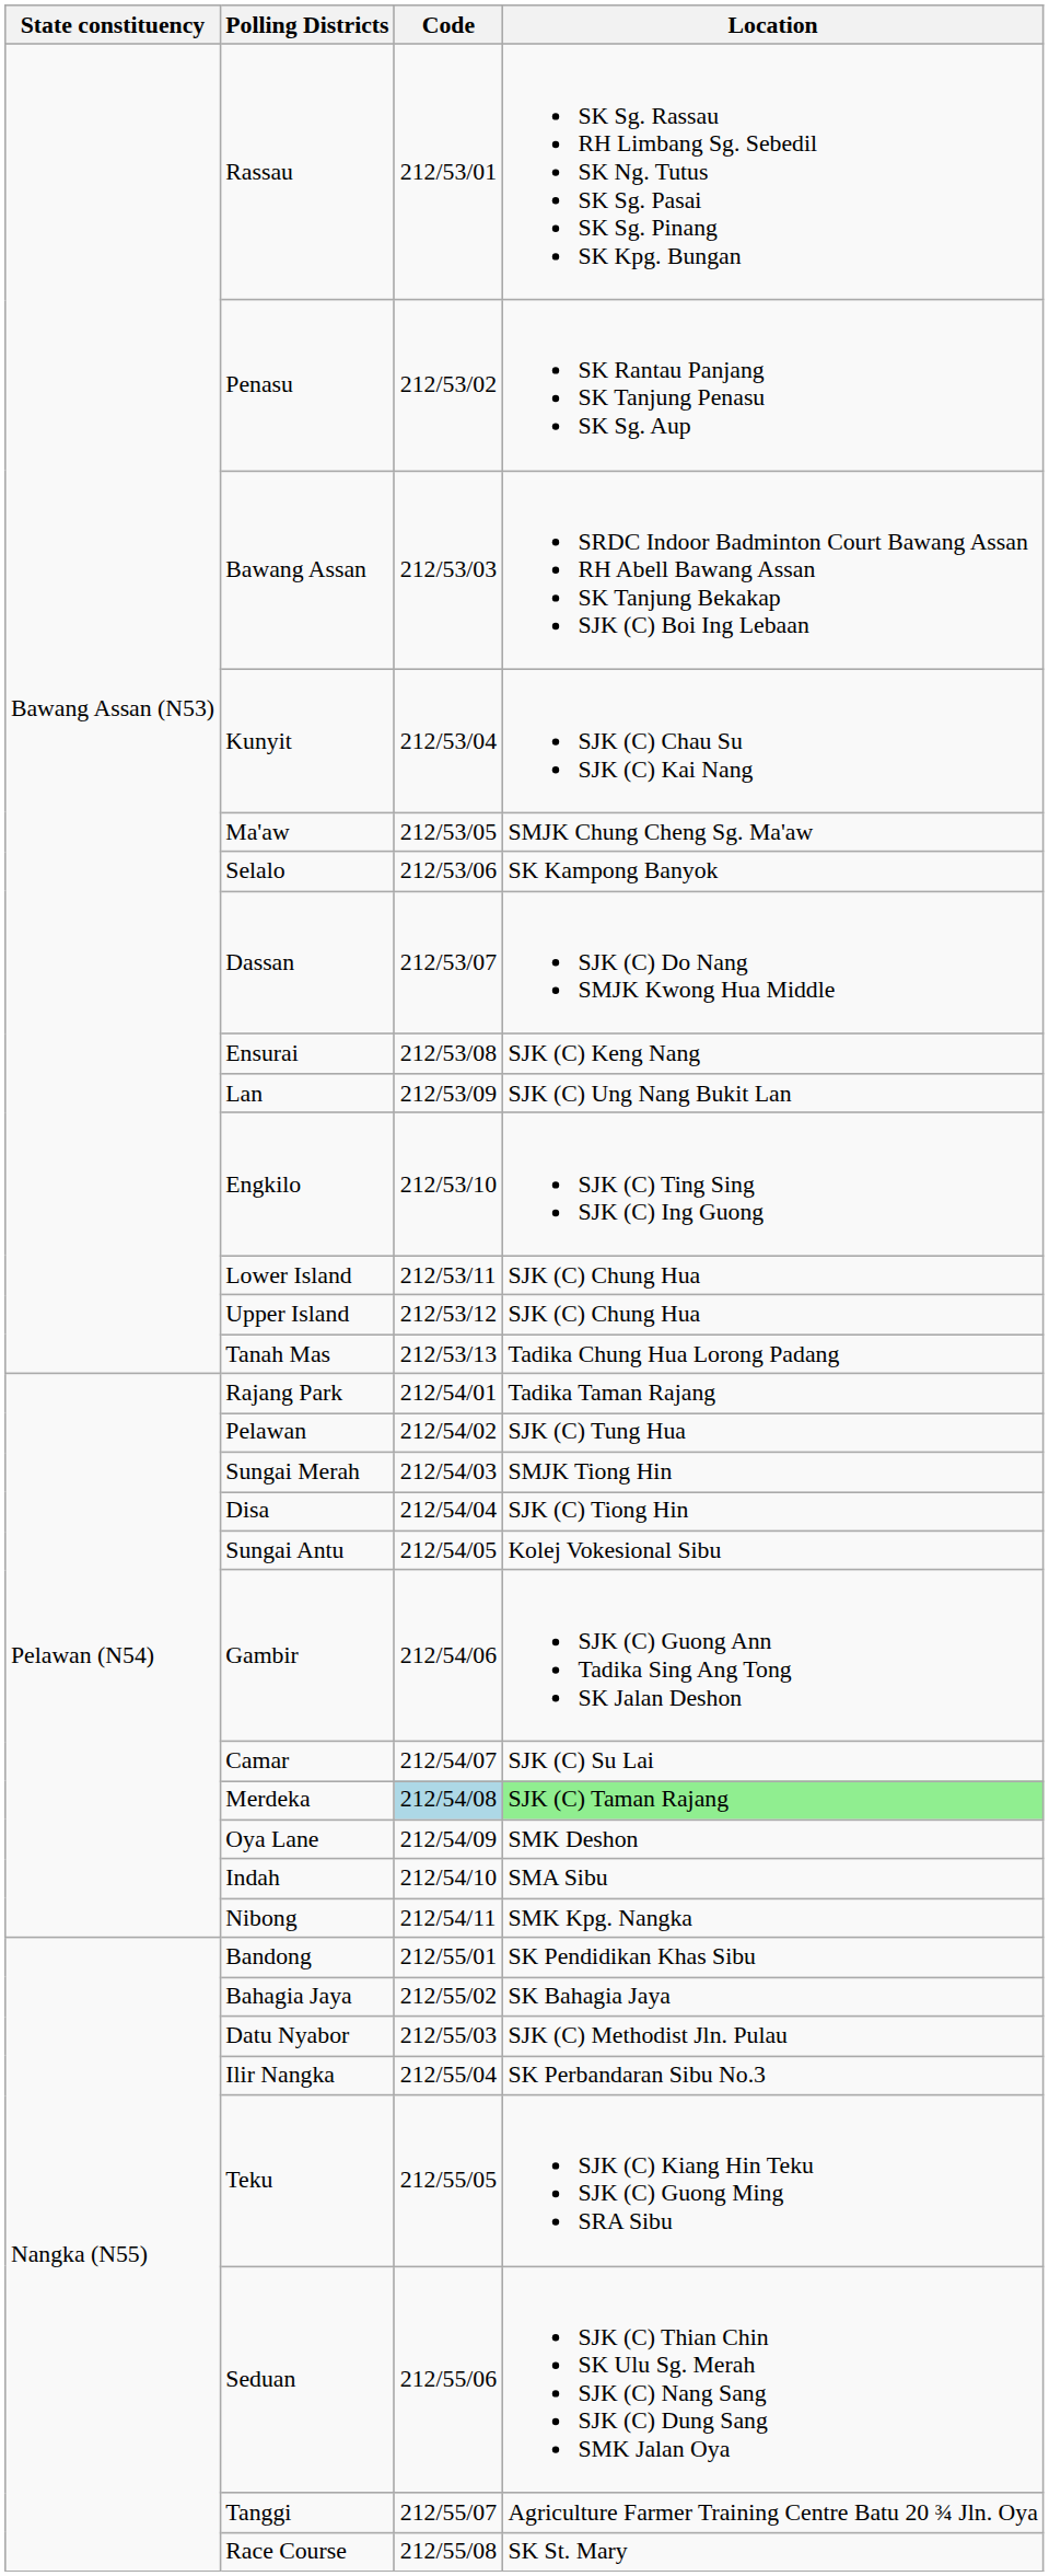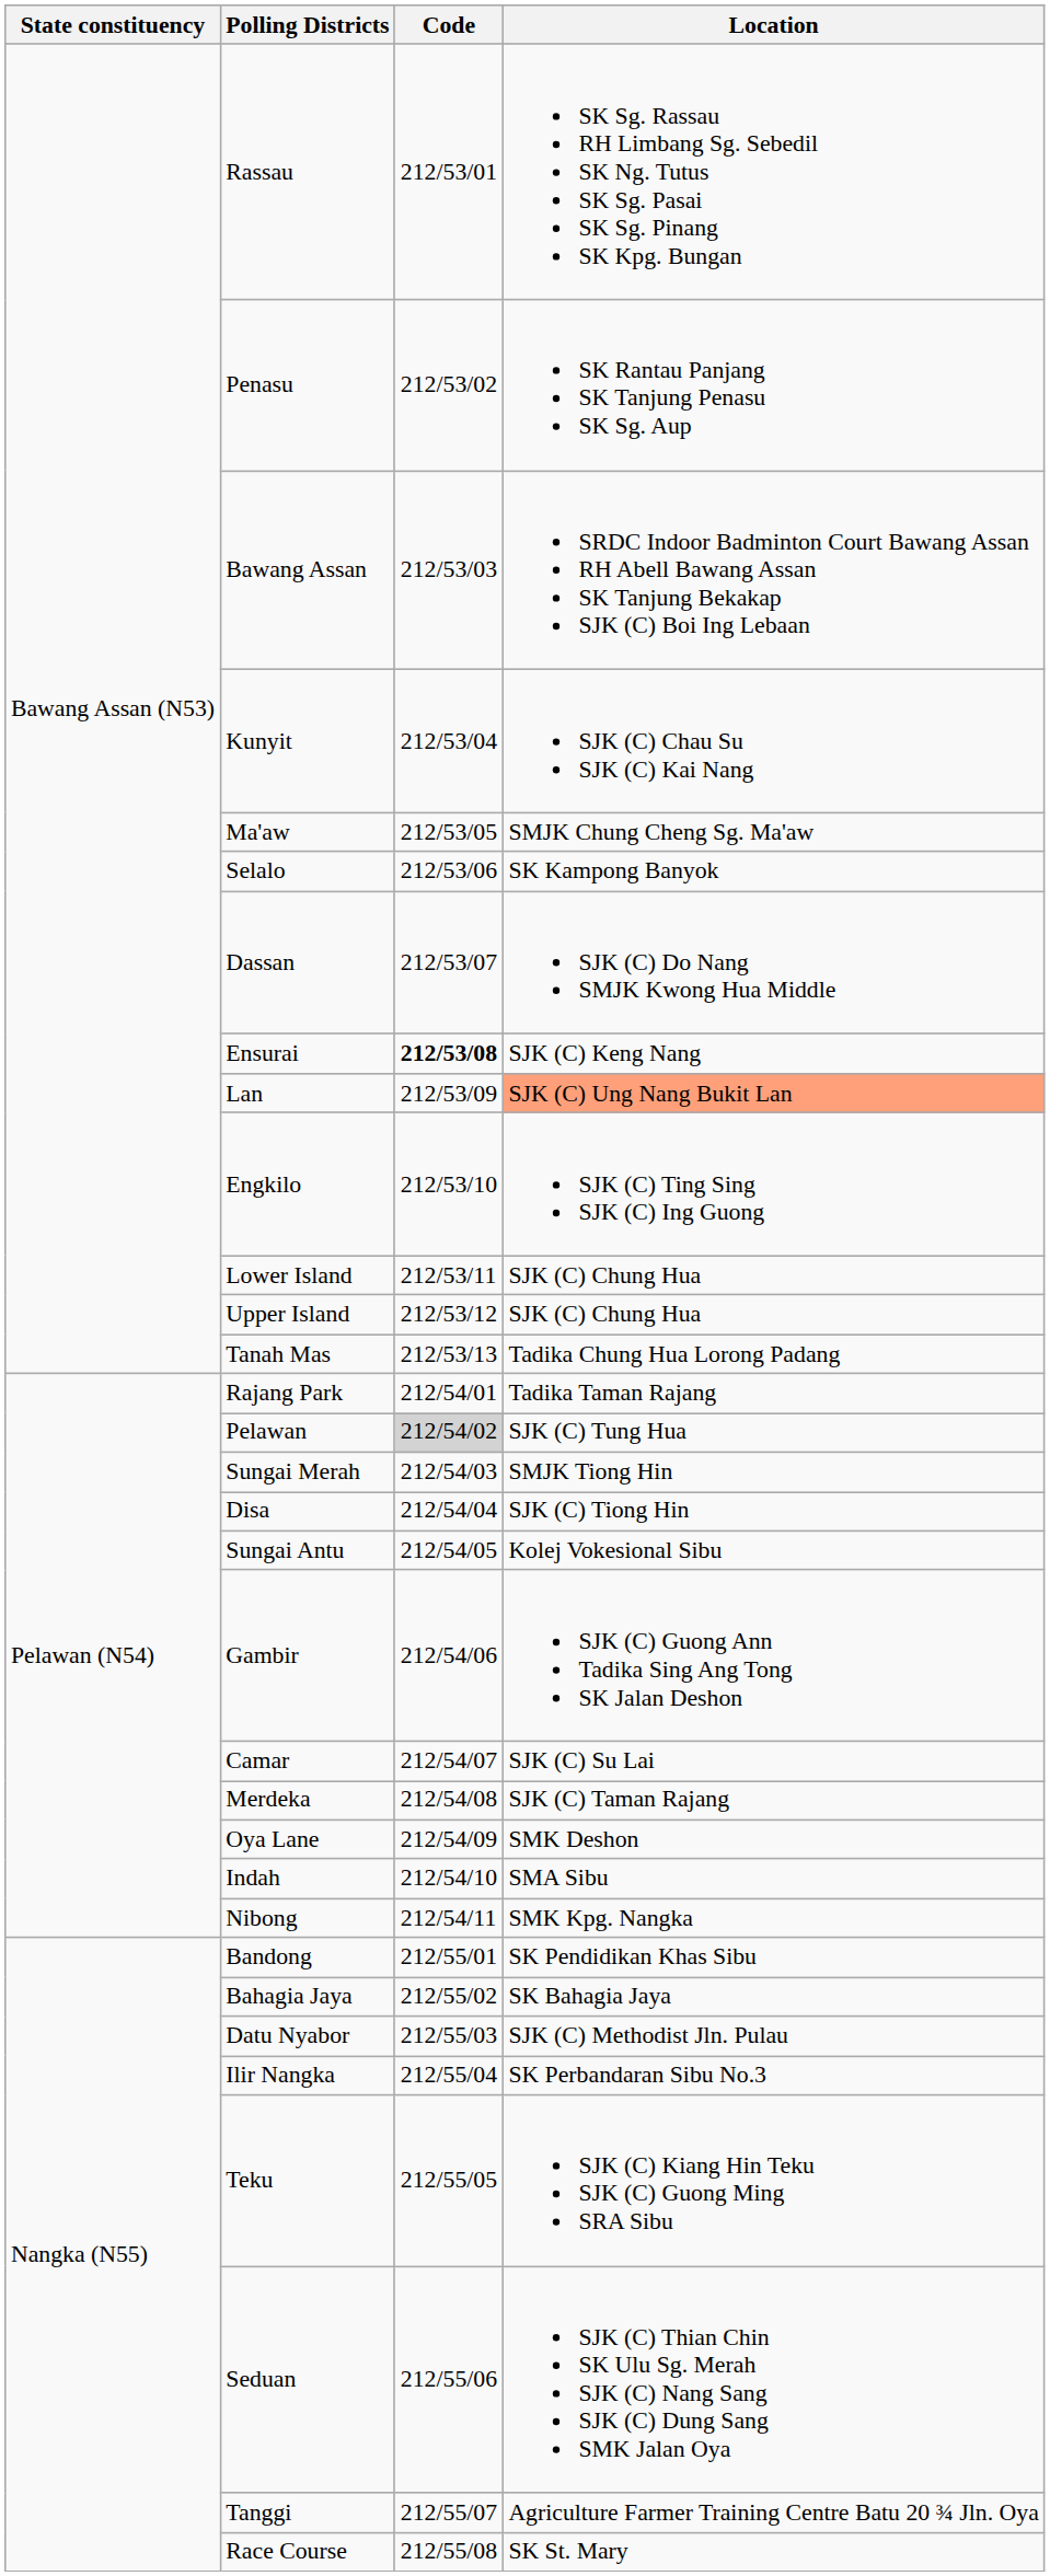 <table class="wikitable sortable mw-collapsible" style="white-space:nowrap;font-size:85%">
 <tr>
 <th>State constituency</th>
 <th>Polling Districts</th>
 <th>Code</th>
 <th>Location</th>
 </tr>
 <tr>
 <td rowspan="13">Bawang Assan (N53)</td>
 <td>Rassau</td>
 <td>212/53/01</td>
 <td><br><ul><li>SK Sg. Rassau</li><li>RH Limbang Sg. Sebedil</li><li>SK Ng. Tutus</li><li>SK Sg. Pasai</li><li>SK Sg. Pinang</li><li>SK Kpg. Bungan</li></ul></td>
 </tr>
 <tr>
 <td>Penasu</td>
 <td>212/53/02</td>
 <td><br><ul><li>SK Rantau Panjang</li><li>SK Tanjung Penasu</li><li>SK Sg. Aup</li></ul></td>
 </tr>
 <tr>
 <td>Bawang Assan</td>
 <td>212/53/03</td>
 <td><br><ul><li>SRDC Indoor Badminton Court Bawang Assan</li><li>RH Abell Bawang Assan</li><li>SK Tanjung Bekakap</li><li>SJK (C) Boi Ing Lebaan</li></ul></td>
 </tr>
 <tr>
 <td>Kunyit</td>
 <td>212/53/04</td>
 <td><br><ul><li>SJK (C) Chau Su</li><li>SJK (C) Kai Nang</li></ul></td>
 </tr>
 <tr>
 <td>Ma'aw</td>
 <td>212/53/05</td>
 <td>SMJK Chung Cheng Sg. Ma'aw</td>
 </tr>
 <tr>
 <td>Selalo</td>
 <td>212/53/06</td>
 <td>SK Kampong Banyok</td>
 </tr>
 <tr>
 <td>Dassan</td>
 <td>212/53/07</td>
 <td><br><ul><li>SJK (C) Do Nang</li><li>SMJK Kwong Hua Middle</li></ul></td>
 </tr>
 <tr>
 <td>Ensurai</td>
-<td>212/53/08</td>
+<td><strong>212/53/08</strong></td>
 <td>SJK (C) Keng Nang</td>
 </tr>
 <tr>
 <td>Lan</td>
 <td>212/53/09</td>
-<td>SJK (C) Ung Nang Bukit Lan</td>
+<td style="background: lightsalmon;">SJK (C) Ung Nang Bukit Lan</td>
 </tr>
 <tr>
 <td>Engkilo</td>
 <td>212/53/10</td>
 <td><br><ul><li>SJK (C) Ting Sing</li><li>SJK (C) Ing Guong</li></ul></td>
 </tr>
 <tr>
 <td>Lower Island</td>
 <td>212/53/11</td>
 <td>SJK (C) Chung Hua</td>
 </tr>
 <tr>
 <td>Upper Island</td>
 <td>212/53/12</td>
 <td>SJK (C) Chung Hua</td>
 </tr>
 <tr>
 <td>Tanah Mas</td>
 <td>212/53/13</td>
 <td>Tadika Chung Hua Lorong Padang</td>
 </tr>
 <tr>
 <td rowspan="11">Pelawan (N54)</td>
 <td>Rajang Park</td>
 <td>212/54/01</td>
 <td>Tadika Taman Rajang</td>
 </tr>
 <tr>
 <td>Pelawan</td>
-<td>212/54/02</td>
+<td style="background: lightgrey;">212/54/02</td>
 <td>SJK (C) Tung Hua</td>
 </tr>
 <tr>
 <td>Sungai Merah</td>
 <td>212/54/03</td>
 <td>SMJK Tiong Hin</td>
 </tr>
 <tr>
 <td>Disa</td>
 <td>212/54/04</td>
 <td>SJK (C) Tiong Hin</td>
 </tr>
 <tr>
 <td>Sungai Antu</td>
 <td>212/54/05</td>
 <td>Kolej Vokesional Sibu</td>
 </tr>
 <tr>
 <td>Gambir</td>
 <td>212/54/06</td>
 <td><br><ul><li>SJK (C) Guong Ann</li><li>Tadika Sing Ang Tong</li><li>SK Jalan Deshon</li></ul></td>
 </tr>
 <tr>
 <td>Camar</td>
 <td>212/54/07</td>
 <td>SJK (C) Su Lai</td>
 </tr>
 <tr>
 <td>Merdeka</td>
-<td style="background: lightblue;">212/54/08</td>
-<td style="background: lightgreen;">SJK (C) Taman Rajang</td>
+<td>212/54/08</td>
+<td>SJK (C) Taman Rajang</td>
 </tr>
 <tr>
 <td>Oya Lane</td>
 <td>212/54/09</td>
 <td>SMK Deshon</td>
 </tr>
 <tr>
 <td>Indah</td>
 <td>212/54/10</td>
 <td>SMA Sibu</td>
 </tr>
 <tr>
 <td>Nibong</td>
 <td>212/54/11</td>
 <td>SMK Kpg. Nangka</td>
 </tr>
 <tr>
 <td rowspan="8">Nangka (N55)</td>
 <td>Bandong</td>
 <td>212/55/01</td>
 <td>SK Pendidikan Khas Sibu</td>
 </tr>
 <tr>
 <td>Bahagia Jaya</td>
 <td>212/55/02</td>
 <td>SK Bahagia Jaya</td>
 </tr>
 <tr>
 <td>Datu Nyabor</td>
 <td>212/55/03</td>
 <td>SJK (C) Methodist Jln. Pulau</td>
 </tr>
 <tr>
 <td>Ilir Nangka</td>
 <td>212/55/04</td>
 <td>SK Perbandaran Sibu No.3</td>
 </tr>
 <tr>
 <td>Teku</td>
 <td>212/55/05</td>
 <td><br><ul><li>SJK (C) Kiang Hin Teku</li><li>SJK (C) Guong Ming</li><li>SRA Sibu</li></ul></td>
 </tr>
 <tr>
 <td>Seduan</td>
 <td>212/55/06</td>
 <td><br><ul><li>SJK (C) Thian Chin</li><li>SK Ulu Sg. Merah</li><li>SJK (C) Nang Sang</li><li>SJK (C) Dung Sang</li><li>SMK Jalan Oya</li></ul></td>
 </tr>
 <tr>
 <td>Tanggi</td>
 <td>212/55/07</td>
 <td>Agriculture Farmer Training Centre Batu 20 ¾ Jln. Oya</td>
 </tr>
 <tr>
 <td>Race Course</td>
 <td>212/55/08</td>
 <td>SK St. Mary</td>
 </tr>
 </table>
